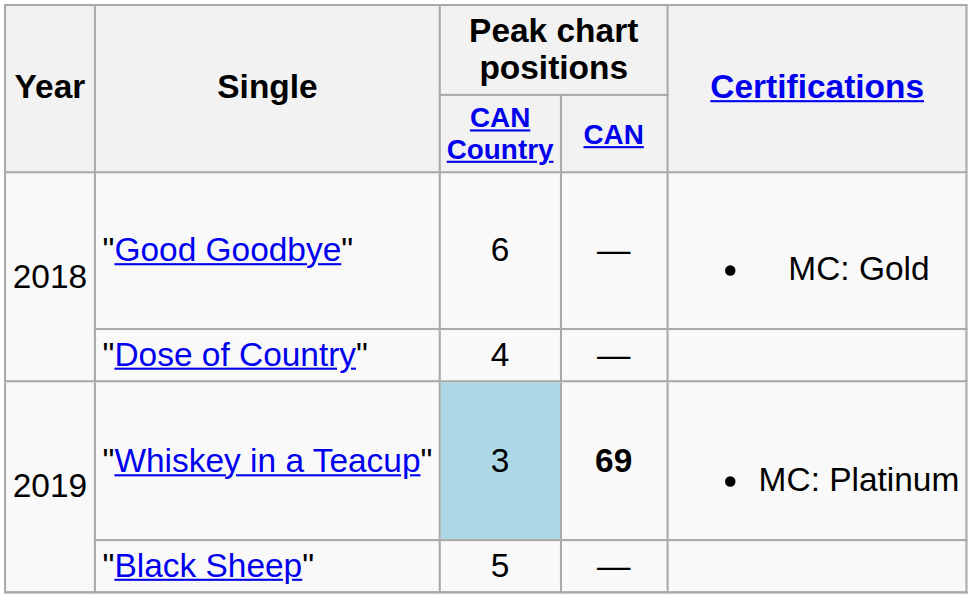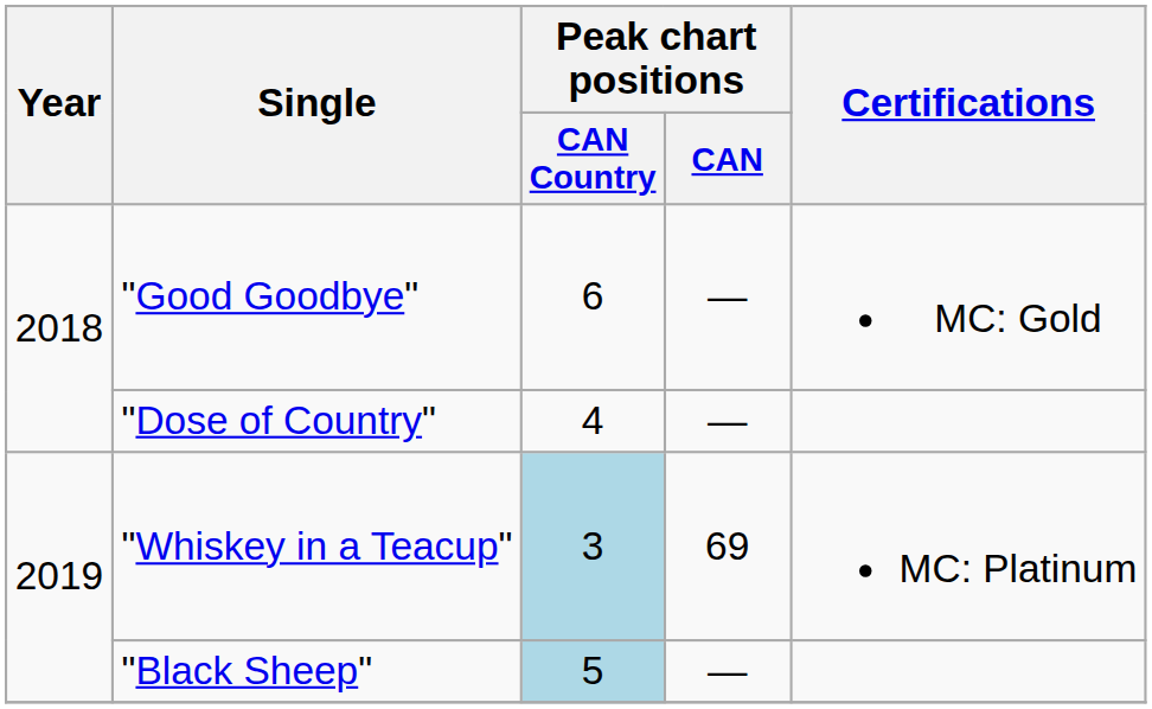 <table class="wikitable" style="text-align:center;">
 <tr>
 <th rowspan="2">Year</th>
 <th rowspan="2">Single</th>
 <th colspan="2">Peak chart<br>positions</th>
 <th rowspan="2"><a href='#'>Certifications</a></th>
 </tr>
 <tr style="font-size:smaller;">
 <th width="45"><a href='#'>CAN Country</a><br></th>
 <th width="45"><a href='#'>CAN</a><br></th>
 </tr>
 <tr>
 <td rowspan="2">2018</td>
 <td align="left">"<a href='#'>Good Goodbye</a>"</td>
 <td>6</td>
 <td>—</td>
 <td><br><ul><li>MC: Gold</li></ul></td>
 </tr>
 <tr>
 <td align="left">"<a href='#'>Dose of Country</a>"</td>
 <td>4</td>
 <td>—</td>
 <td></td>
 </tr>
 <tr>
 <td rowspan="2">2019</td>
 <td align="left">"<a href='#'>Whiskey in a Teacup</a>"</td>
 <td style="background: lightblue;">3</td>
-<td><strong>69</strong></td>
+<td>69</td>
 <td><br><ul><li>MC: Platinum</li></ul></td>
 </tr>
 <tr>
 <td align="left">"<a href='#'>Black Sheep</a>"</td>
-<td>5</td>
+<td style="background: lightblue;">5</td>
 <td>—</td>
 <td></td>
 </tr>
 <tr>
 </tr>
 </table>
